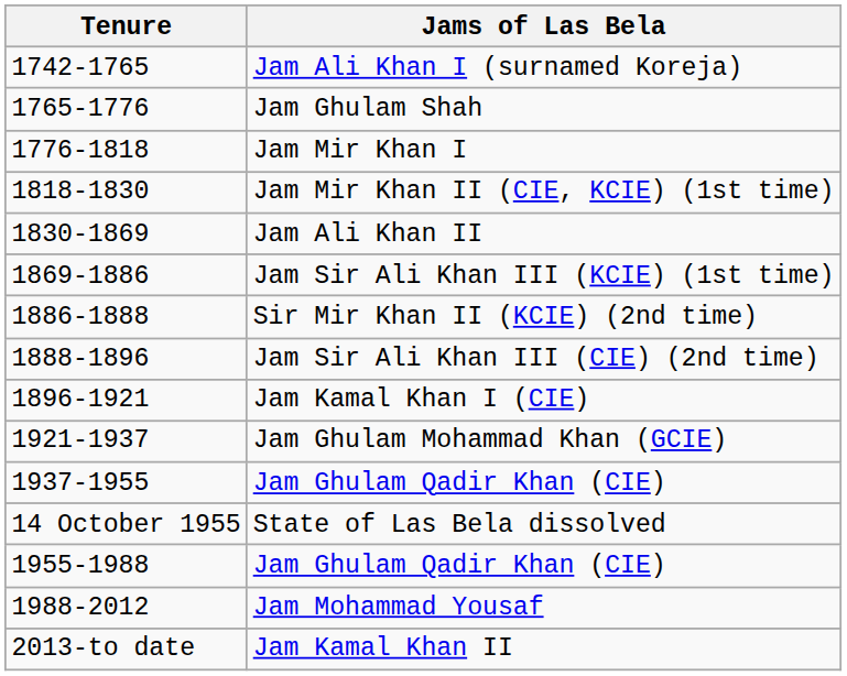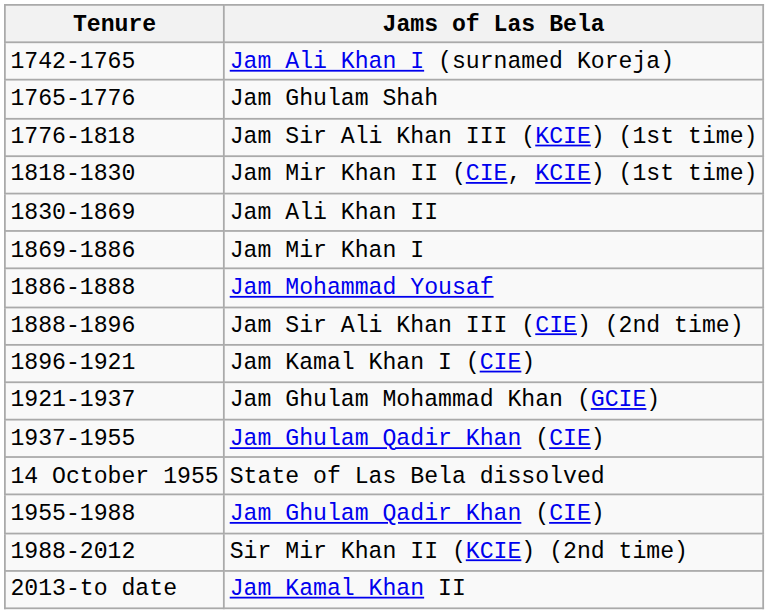 <table class="wikitable">
 <tr>
 <th>Tenure</th>
 <th>Jams of Las Bela</th>
 </tr>
 <tr>
 <td>1742-1765</td>
 <td><a href='#'>Jam Ali Khan I</a> (surnamed Koreja)</td>
 </tr>
 <tr>
 <td>1765-1776</td>
 <td>Jam Ghulam Shah</td>
 </tr>
 <tr>
 <td>1776-1818</td>
-<td>Jam Mir Khan I</td>
+<td>Jam Sir Ali Khan III (<a href='#'>KCIE</a>) (1st time)</td>
 </tr>
 <tr>
 <td>1818-1830</td>
 <td>Jam Mir Khan II (<a href='#'>CIE</a>, <a href='#'>KCIE</a>) (1st time)</td>
 </tr>
 <tr>
 <td>1830-1869</td>
 <td>Jam Ali Khan II</td>
 </tr>
 <tr>
 <td>1869-1886</td>
-<td>Jam Sir Ali Khan III (<a href='#'>KCIE</a>) (1st time)</td>
+<td>Jam Mir Khan I</td>
 </tr>
 <tr>
 <td>1886-1888</td>
-<td>Sir Mir Khan II (<a href='#'>KCIE</a>) (2nd time)</td>
+<td><a href='#'>Jam Mohammad Yousaf</a></td>
 </tr>
 <tr>
 <td>1888-1896</td>
 <td>Jam Sir Ali Khan III (<a href='#'>CIE</a>) (2nd time)</td>
 </tr>
 <tr>
 <td>1896-1921</td>
 <td>Jam Kamal Khan I (<a href='#'>CIE</a>)</td>
 </tr>
 <tr>
 <td>1921-1937</td>
 <td>Jam Ghulam Mohammad Khan (<a href='#'>GCIE</a>)</td>
 </tr>
 <tr>
 <td>1937-1955</td>
 <td><a href='#'>Jam Ghulam Qadir Khan</a> (<a href='#'>CIE</a>)</td>
 </tr>
 <tr>
 <td>14 October 1955</td>
 <td>State of Las Bela dissolved</td>
 </tr>
 <tr>
 <td>1955-1988</td>
 <td><a href='#'>Jam Ghulam Qadir Khan</a> (<a href='#'>CIE</a>)</td>
 </tr>
 <tr>
 <td>1988-2012</td>
-<td><a href='#'>Jam Mohammad Yousaf</a></td>
+<td>Sir Mir Khan II (<a href='#'>KCIE</a>) (2nd time)</td>
 </tr>
 <tr>
 <td>2013-to date</td>
 <td><a href='#'>Jam Kamal Khan</a> II</td>
 </tr>
 </table>
